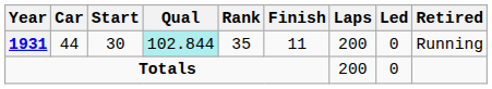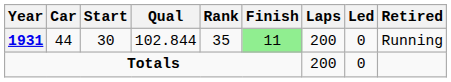 <table class="wikitable" style="text-align:center">
 <tr>
 <th>Year</th>
 <th>Car</th>
 <th>Start</th>
 <th>Qual</th>
 <th>Rank</th>
 <th>Finish</th>
 <th>Laps</th>
 <th>Led</th>
 <th>Retired</th>
 </tr>
 <tr>
 <th><a href='#'>1931</a></th>
 <td>44</td>
 <td>30</td>
-<td style="background: paleturquoise;">102.844</td>
+<td>102.844</td>
 <td>35</td>
-<td>11</td>
+<td style="background: lightgreen;">11</td>
 <td>200</td>
 <td>0</td>
 <td>Running</td>
 </tr>
 <tr>
 <td colspan=6><strong>Totals</strong></td>
 <td>200</td>
 <td>0</td>
 <td></td>
 </tr>
 </table>
